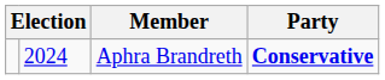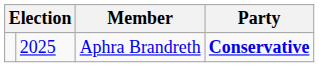 <table class="wikitable">
 <tr>
 <th colspan="2">Election</th>
 <th>Member</th>
 <th>Party</th>
 </tr>
 <tr>
 <td style="color:inherit;background-color: "></td>
-<td><a href='#'>2024</a></td>
+<td><a href='#'>2025</a></td>
 <td><a href='#'>Aphra Brandreth</a></td>
 <td><strong><a href='#'>Conservative</a></strong></td>
 </tr>
 </table>
